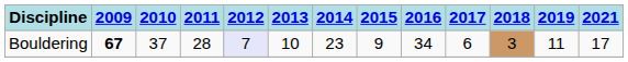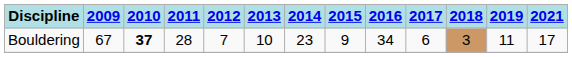 <table class="wikitable" style="text-align: center">
 <tr>
 <th style="background: #b0e0e6">Discipline</th>
 <th style="background: #b0e0e6"><a href='#'>2009</a></th>
 <th style="background: #b0e0e6"><a href='#'>2010</a></th>
 <th style="background: #b0e0e6"><a href='#'>2011</a></th>
 <th style="background: #b0e0e6"><a href='#'>2012</a></th>
 <th style="background: #b0e0e6"><a href='#'>2013</a></th>
 <th style="background: #b0e0e6"><a href='#'>2014</a></th>
 <th style="background: #b0e0e6"><a href='#'>2015</a></th>
 <th style="background: #b0e0e6"><a href='#'>2016</a></th>
 <th style="background: #b0e0e6"><a href='#'>2017</a></th>
 <th style="background: #b0e0e6"><a href='#'>2018</a></th>
 <th style="background: #b0e0e6"><a href='#'>2019</a></th>
 <th style="background: #b0e0e6"><a href='#'>2021</a></th>
 </tr>
 <tr>
 <td align="left">Bouldering</td>
-<td><strong>67</strong></td>
-<td>37</td>
+<td>67</td>
+<td><strong>37</strong></td>
 <td>28</td>
-<td style="background: lavender;">7</td>
+<td>7</td>
 <td>10</td>
 <td>23</td>
 <td>9</td>
 <td>34</td>
 <td>6</td>
 <td style="background: #cc9966">3</td>
 <td>11</td>
 <td>17</td>
 </tr>
 <tr>
 </tr>
 </table>
